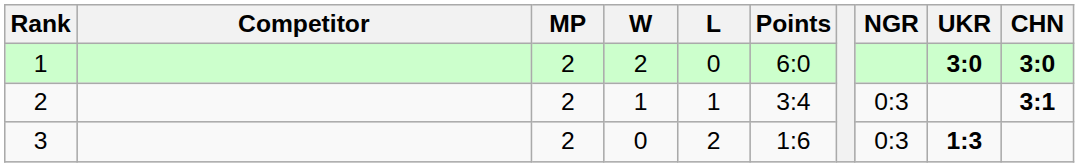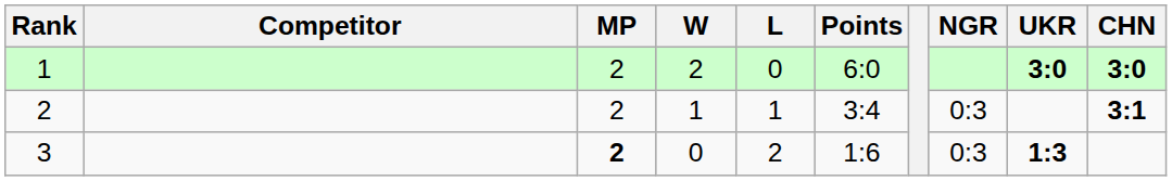 <table class="wikitable" style="text-align:center">
 <tr>
 <th>Rank</th>
 <th style="width:18em">Competitor</th>
 <th style="width:2.5em">MP</th>
 <th style="width:2.5em">W</th>
 <th style="width:2.5em">L</th>
 <th>Points</th>
 <th rowspan="4"> </th>
 <th style="width:2.5em">NGR</th>
 <th style="width:2.5em">UKR</th>
 <th style="width:2.5em">CHN</th>
 </tr>
 <tr style="background:#cfc;">
 <td>1</td>
 <td style="text-align:left"></td>
 <td>2</td>
 <td>2</td>
 <td>0</td>
 <td>6:0</td>
 <td></td>
 <td><strong>3:0</strong></td>
 <td><strong>3:0</strong></td>
 </tr>
 <tr>
 <td>2</td>
 <td style="text-align:left"></td>
 <td>2</td>
 <td>1</td>
 <td>1</td>
 <td>3:4</td>
 <td>0:3</td>
 <td></td>
 <td><strong>3:1</strong></td>
 </tr>
 <tr>
 <td>3</td>
 <td style="text-align:left"></td>
-<td>2</td>
+<td><strong>2</strong></td>
 <td>0</td>
 <td>2</td>
 <td>1:6</td>
 <td>0:3</td>
 <td><strong>1:3</strong></td>
 <td></td>
 </tr>
 </table>
